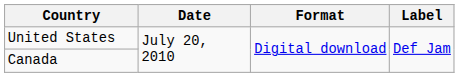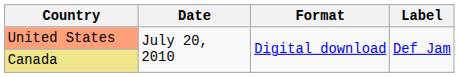 <table class="wikitable">
 <tr>
 <th style="width:120px;">Country</th>
 <th style="width:100px;">Date</th>
 <th>Format</th>
 <th>Label</th>
 </tr>
 <tr>
-<td>United States</td>
+<td style="background: lightsalmon;">United States</td>
 <td rowspan="2">July 20, 2010</td>
 <td rowspan="2"><a href='#'>Digital download</a></td>
 <td rowspan="2"><a href='#'>Def Jam</a></td>
 </tr>
 <tr>
-<td>Canada</td>
+<td style="background: khaki;">Canada</td>
 </tr>
 </table>
